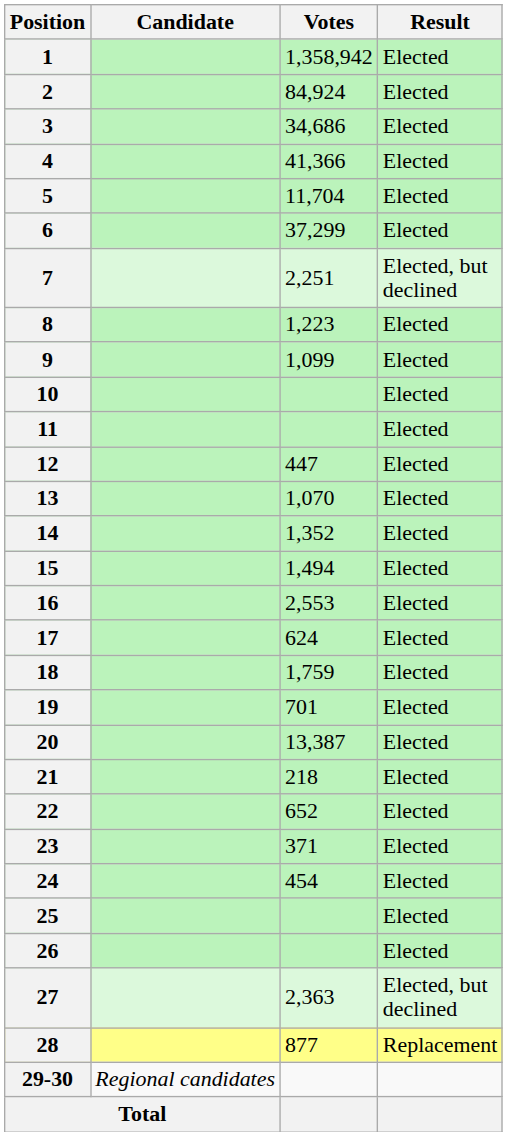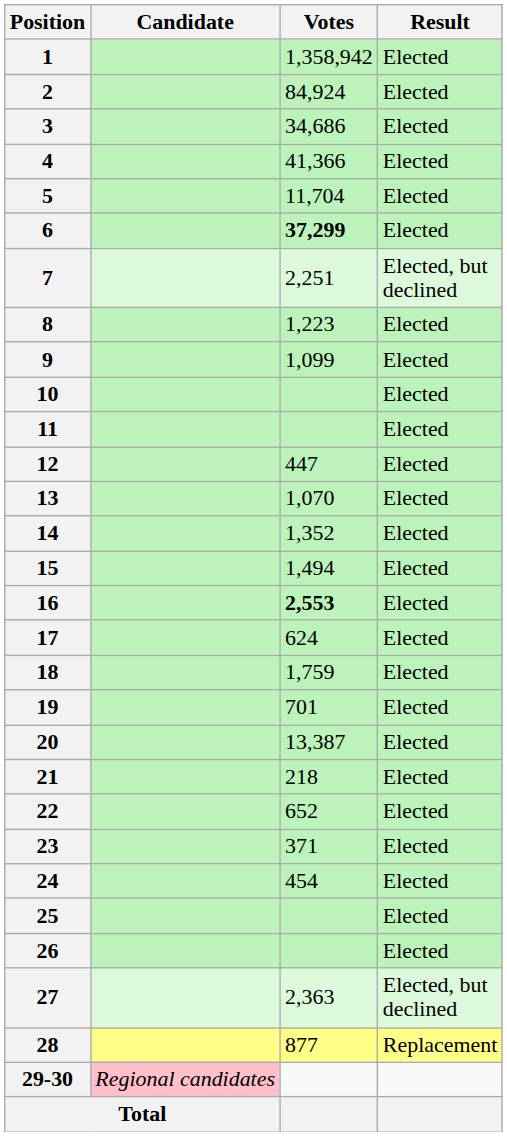 <table class="wikitable sortable col3right">
 <tr>
 <th scope="col">Position</th>
 <th scope="col">Candidate</th>
 <th scope="col">Votes</th>
 <th scope="col">Result</th>
 </tr>
 <tr bgcolor=bbf3bb>
 <th scope="row">1</th>
 <td></td>
 <td>1,358,942</td>
 <td>Elected</td>
 </tr>
 <tr bgcolor=bbf3bb>
 <th scope="row">2</th>
 <td></td>
 <td>84,924</td>
 <td>Elected</td>
 </tr>
 <tr bgcolor=bbf3bb>
 <th scope="row">3</th>
 <td></td>
 <td>34,686</td>
 <td>Elected</td>
 </tr>
 <tr bgcolor=bbf3bb>
 <th scope="row">4</th>
 <td></td>
 <td>41,366</td>
 <td>Elected</td>
 </tr>
 <tr bgcolor=bbf3bb>
 <th scope="row">5</th>
 <td></td>
 <td>11,704</td>
 <td>Elected</td>
 </tr>
 <tr bgcolor=bbf3bb>
 <th scope="row">6</th>
 <td></td>
-<td>37,299</td>
+<td><strong>37,299</strong></td>
 <td>Elected</td>
 </tr>
 <tr bgcolor=dcf9dc>
 <th scope="row">7</th>
 <td></td>
 <td>2,251</td>
 <td>Elected, but<br>declined</td>
 </tr>
 <tr bgcolor=bbf3bb>
 <th scope="row">8</th>
 <td></td>
 <td>1,223</td>
 <td>Elected</td>
 </tr>
 <tr bgcolor=bbf3bb>
 <th scope="row">9</th>
 <td></td>
 <td>1,099</td>
 <td>Elected</td>
 </tr>
 <tr bgcolor=bbf3bb>
 <th scope="row">10</th>
 <td></td>
 <td></td>
 <td>Elected</td>
 </tr>
 <tr bgcolor=bbf3bb>
 <th scope="row">11</th>
 <td></td>
 <td></td>
 <td>Elected</td>
 </tr>
 <tr bgcolor=bbf3bb>
 <th scope="row">12</th>
 <td></td>
 <td>447</td>
 <td>Elected</td>
 </tr>
 <tr bgcolor=bbf3bb>
 <th scope="row">13</th>
 <td></td>
 <td>1,070</td>
 <td>Elected</td>
 </tr>
 <tr bgcolor=bbf3bb>
 <th scope="row">14</th>
 <td></td>
 <td>1,352</td>
 <td>Elected</td>
 </tr>
 <tr bgcolor=bbf3bb>
 <th scope="row">15</th>
 <td></td>
 <td>1,494</td>
 <td>Elected</td>
 </tr>
 <tr bgcolor=bbf3bb>
 <th scope="row">16</th>
 <td></td>
-<td>2,553</td>
+<td><strong>2,553</strong></td>
 <td>Elected</td>
 </tr>
 <tr bgcolor=bbf3bb>
 <th scope="row">17</th>
 <td></td>
 <td>624</td>
 <td>Elected</td>
 </tr>
 <tr bgcolor=bbf3bb>
 <th scope="row">18</th>
 <td></td>
 <td>1,759</td>
 <td>Elected</td>
 </tr>
 <tr bgcolor=bbf3bb>
 <th scope="row">19</th>
 <td></td>
 <td>701</td>
 <td>Elected</td>
 </tr>
 <tr bgcolor=bbf3bb>
 <th scope="row">20</th>
 <td></td>
 <td>13,387</td>
 <td>Elected</td>
 </tr>
 <tr bgcolor=bbf3bb>
 <th scope="row">21</th>
 <td></td>
 <td>218</td>
 <td>Elected</td>
 </tr>
 <tr bgcolor=bbf3bb>
 <th scope="row">22</th>
 <td></td>
 <td>652</td>
 <td>Elected</td>
 </tr>
 <tr bgcolor=bbf3bb>
 <th scope="row">23</th>
 <td></td>
 <td>371</td>
 <td>Elected</td>
 </tr>
 <tr bgcolor=bbf3bb>
 <th scope="row">24</th>
 <td></td>
 <td>454</td>
 <td>Elected</td>
 </tr>
 <tr bgcolor=bbf3bb>
 <th scope="row">25</th>
 <td></td>
 <td></td>
 <td>Elected</td>
 </tr>
 <tr bgcolor=bbf3bb>
 <th scope="row">26</th>
 <td></td>
 <td></td>
 <td>Elected</td>
 </tr>
 <tr bgcolor=dcf9dc>
 <th scope="row">27</th>
 <td></td>
 <td>2,363</td>
 <td>Elected, but<br>declined</td>
 </tr>
 <tr bgcolor=#FF8>
 <th scope="row">28</th>
 <td></td>
 <td>877</td>
 <td>Replacement</td>
 </tr>
 <tr>
 <th scope="row">29-30</th>
-<td><em>Regional candidates</em></td>
+<td style="background: pink;"><em>Regional candidates</em></td>
 <td></td>
 <td></td>
 </tr>
 <tr class="sortbottom">
 <th scope="row" colspan="2">Total</th>
 <th></th>
 <th></th>
 </tr>
 </table>
